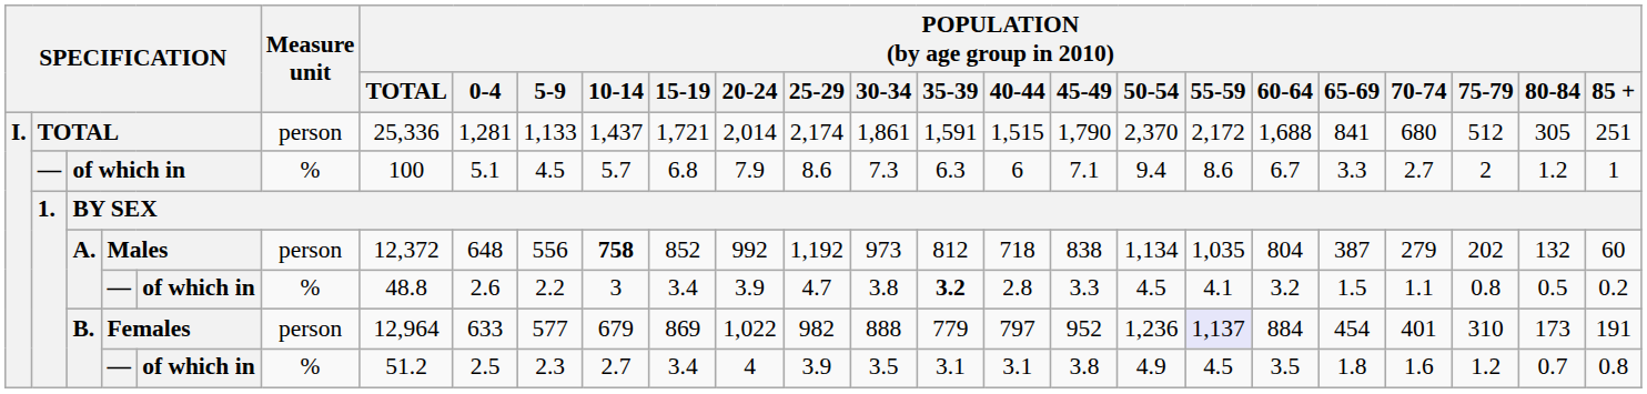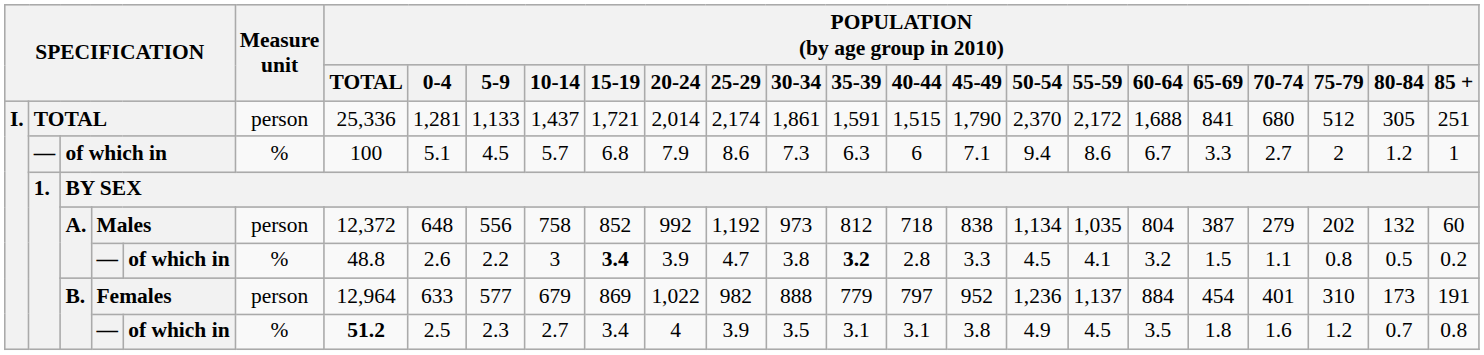 <table class="wikitable" style="font-size:85%; text-align:center">
 <tr>
 <th rowspan="2" colspan="5">SPECIFICATION</th>
 <th rowspan="2">Measure<br> unit</th>
 <th colspan="20" rowspan="1">POPULATION<br> (by age group in 2010)</th>
 </tr>
 <tr>
 <th>TOTAL</th>
 <th>0-4</th>
 <th>5-9</th>
 <th>10-14</th>
 <th>15-19</th>
 <th>20-24</th>
 <th>25-29</th>
 <th>30-34</th>
 <th>35-39</th>
 <th>40-44</th>
 <th>45-49</th>
 <th>50-54</th>
 <th>55-59</th>
 <th>60-64</th>
 <th>65-69</th>
 <th>70-74</th>
 <th>75-79</th>
 <th>80-84</th>
 <th>85 +</th>
 </tr>
 <tr>
 <th style="text-align:left" valign="top" rowspan="7">I.</th>
 <th style="text-align:left" colspan="4">TOTAL</th>
 <td>person</td>
 <td>25,336</td>
 <td>1,281</td>
 <td>1,133</td>
 <td>1,437</td>
 <td>1,721</td>
 <td>2,014</td>
 <td>2,174</td>
 <td>1,861</td>
 <td>1,591</td>
 <td>1,515</td>
 <td>1,790</td>
 <td>2,370</td>
 <td>2,172</td>
 <td>1,688</td>
 <td>841</td>
 <td>680</td>
 <td>512</td>
 <td>305</td>
 <td>251</td>
 </tr>
 <tr>
 <th style="text-align:left" valign="top">—</th>
 <th style="text-align:left" colspan="3">of which in</th>
 <td>%</td>
 <td>100</td>
 <td>5.1</td>
 <td>4.5</td>
 <td>5.7</td>
 <td>6.8</td>
 <td>7.9</td>
 <td>8.6</td>
 <td>7.3</td>
 <td>6.3</td>
 <td>6</td>
 <td>7.1</td>
 <td>9.4</td>
 <td>8.6</td>
 <td>6.7</td>
 <td>3.3</td>
 <td>2.7</td>
 <td>2</td>
 <td>1.2</td>
 <td>1</td>
 </tr>
 <tr>
 <th style="text-align:left" valign="top" rowspan="5">1.</th>
 <th style="text-align:left" colspan="23">BY SEX</th>
 </tr>
 <tr>
 <th style="text-align:left" valign="top" rowspan="2">A.</th>
 <th style="text-align:left" colspan="2">Males</th>
 <td>person</td>
 <td>12,372</td>
 <td>648</td>
 <td>556</td>
-<td><strong>758</strong></td>
+<td>758</td>
 <td>852</td>
 <td>992</td>
 <td>1,192</td>
 <td>973</td>
 <td>812</td>
 <td>718</td>
 <td>838</td>
 <td>1,134</td>
 <td>1,035</td>
 <td>804</td>
 <td>387</td>
 <td>279</td>
 <td>202</td>
 <td>132</td>
 <td>60</td>
 </tr>
 <tr>
 <th style="text-align:left" valign="top">—</th>
 <th style="text-align:left" colspan="1">of which in</th>
 <td>%</td>
 <td>48.8</td>
 <td>2.6</td>
 <td>2.2</td>
 <td>3</td>
-<td>3.4</td>
+<td><strong>3.4</strong></td>
 <td>3.9</td>
 <td>4.7</td>
 <td>3.8</td>
 <td><strong>3.2</strong></td>
 <td>2.8</td>
 <td>3.3</td>
 <td>4.5</td>
 <td>4.1</td>
 <td>3.2</td>
 <td>1.5</td>
 <td>1.1</td>
 <td>0.8</td>
 <td>0.5</td>
 <td>0.2</td>
 </tr>
 <tr>
 <th style="text-align:left" valign="top" rowspan="2">B.</th>
 <th style="text-align:left" colspan="2">Females</th>
 <td>person</td>
 <td>12,964</td>
 <td>633</td>
 <td>577</td>
 <td>679</td>
 <td>869</td>
 <td>1,022</td>
 <td>982</td>
 <td>888</td>
 <td>779</td>
 <td>797</td>
 <td>952</td>
 <td>1,236</td>
-<td style="background: lavender;">1,137</td>
+<td>1,137</td>
 <td>884</td>
 <td>454</td>
 <td>401</td>
 <td>310</td>
 <td>173</td>
 <td>191</td>
 </tr>
 <tr>
 <th style="text-align:left" valign="top">—</th>
 <th style="text-align:left" colspan="1">of which in</th>
 <td>%</td>
-<td>51.2</td>
+<td><strong>51.2</strong></td>
 <td>2.5</td>
 <td>2.3</td>
 <td>2.7</td>
 <td>3.4</td>
 <td>4</td>
 <td>3.9</td>
 <td>3.5</td>
 <td>3.1</td>
 <td>3.1</td>
 <td>3.8</td>
 <td>4.9</td>
 <td>4.5</td>
 <td>3.5</td>
 <td>1.8</td>
 <td>1.6</td>
 <td>1.2</td>
 <td>0.7</td>
 <td>0.8</td>
 </tr>
 </table>
